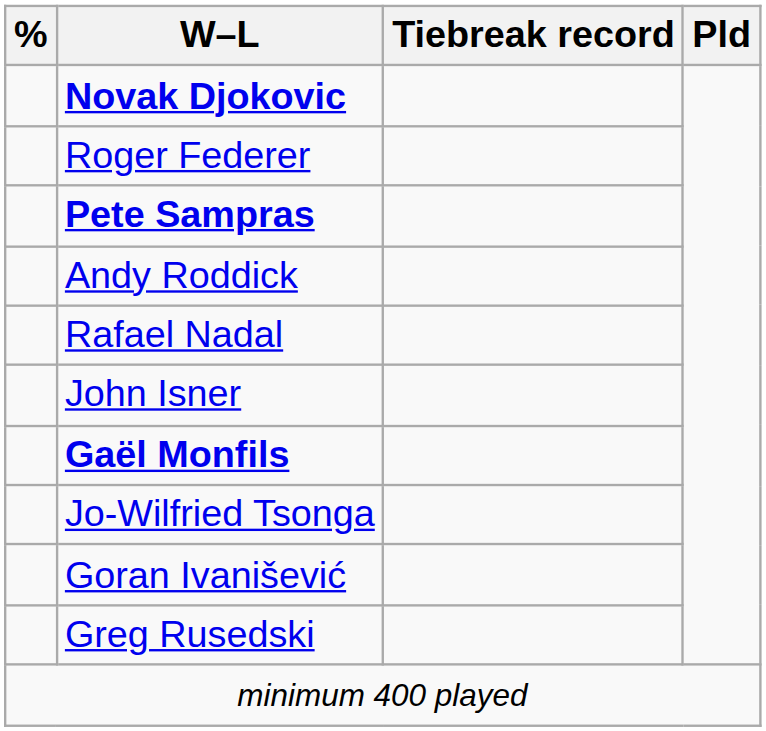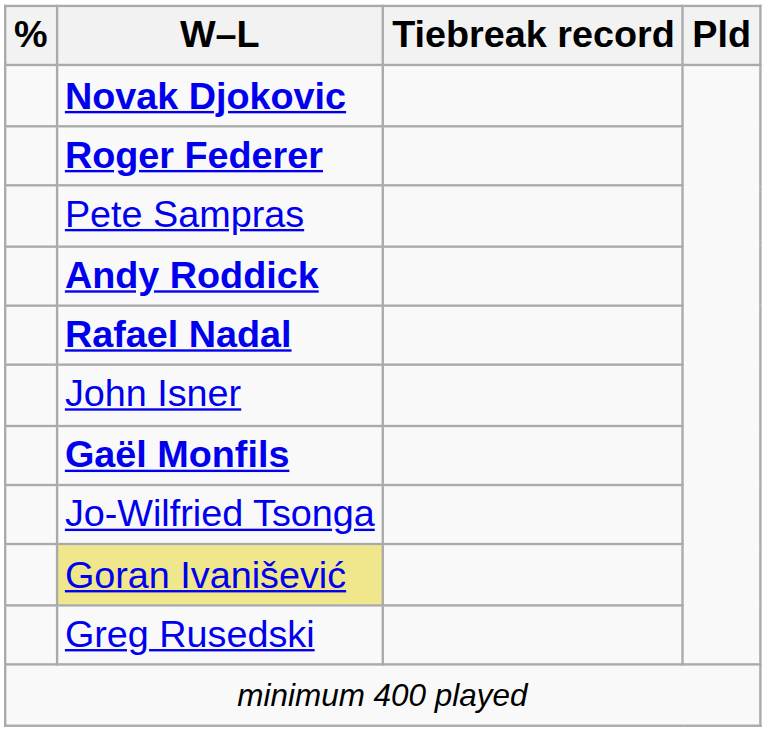 <table class="wikitable sortable nowrap" style="display:inline-table;">
 <tr>
 <th>%</th>
 <th>W–L</th>
 <th>Tiebreak record</th>
 <th>Pld</th>
 </tr>
 <tr>
 <td></td>
 <td> <strong><a href='#'>Novak Djokovic</a></strong></td>
 <td></td>
 </tr>
 <tr>
 <td></td>
-<td> <a href='#'>Roger Federer</a></td>
+<td><strong> <a href='#'>Roger Federer</a></strong></td>
 <td></td>
 </tr>
 <tr>
 <td></td>
-<td><strong> <a href='#'>Pete Sampras</a></strong></td>
+<td> <a href='#'>Pete Sampras</a></td>
 <td></td>
 </tr>
 <tr>
 <td></td>
-<td> <a href='#'>Andy Roddick</a></td>
+<td><strong> <a href='#'>Andy Roddick</a></strong></td>
 <td></td>
 </tr>
 <tr>
 <td></td>
-<td> <a href='#'>Rafael Nadal</a></td>
+<td><strong> <a href='#'>Rafael Nadal</a></strong></td>
 <td></td>
 </tr>
 <tr>
 <td></td>
 <td> <a href='#'>John Isner</a></td>
 <td></td>
 </tr>
 <tr>
 <td></td>
 <td> <strong><a href='#'>Gaël Monfils</a></strong></td>
 <td></td>
 </tr>
 <tr>
 <td></td>
 <td> <a href='#'>Jo-Wilfried Tsonga</a></td>
 <td></td>
 </tr>
 <tr>
 <td></td>
-<td> <a href='#'>Goran Ivanišević</a></td>
+<td style="background: khaki;"> <a href='#'>Goran Ivanišević</a></td>
 <td></td>
 </tr>
 <tr>
 <td></td>
 <td> <a href='#'>Greg Rusedski</a></td>
 <td></td>
 </tr>
 <tr>
 <td align="center" colspan="4"><small><em>minimum 400 played</em></small><br></td>
 </tr>
 </table>
